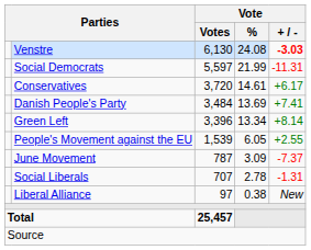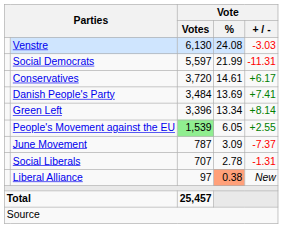 <table class="wikitable" style="text-align:right;">
 <tr>
 <th style="text-align:centre;" rowspan="2" colspan="2" width="225">Parties</th>
 <th colspan="3">Vote</th>
 </tr>
 <tr>
 <th width="15">Votes</th>
 <th width="15">%</th>
 <th width="15">+ / -</th>
 </tr>
 <tr>
 <td width="2" style="color:inherit;background:"></td>
 <td bgcolor=#cfe5fe   align="left"><a href='#'>Venstre</a></td>
 <td bgcolor=#cfe5fe>6,130</td>
 <td bgcolor=#cfe5fe>24.08</td>
-<td style=color:red;><strong>-3.03</strong></td>
+<td style=color:red;>-3.03</td>
 </tr>
 <tr>
 <td width="2" style="color:inherit;background:"></td>
 <td align="left"><a href='#'>Social Democrats</a></td>
 <td>5,597</td>
 <td>21.99</td>
 <td style=color:red;>-11.31</td>
 </tr>
 <tr>
 <td width="2" style="color:inherit;background:"></td>
 <td align="left"><a href='#'>Conservatives</a></td>
 <td>3,720</td>
 <td>14.61</td>
 <td style=color:green;>+6.17</td>
 </tr>
 <tr>
 <td width="2" style="color:inherit;background:"></td>
 <td align="left"><a href='#'>Danish People's Party</a></td>
 <td>3,484</td>
 <td>13.69</td>
 <td style=color:green;>+7.41</td>
 </tr>
 <tr>
 <td width="2" style="color:inherit;background:"></td>
 <td align="left"><a href='#'>Green Left</a></td>
 <td>3,396</td>
 <td>13.34</td>
 <td style=color:green;>+8.14</td>
 </tr>
 <tr>
 <td width="2" style="color:inherit;background:"></td>
 <td align="left"><a href='#'>People's Movement against the EU</a></td>
-<td>1,539</td>
+<td style="background: lightgreen;">1,539</td>
 <td>6.05</td>
 <td style=color:green;>+2.55</td>
 </tr>
 <tr>
 <td width="2" style="color:inherit;background:"></td>
 <td align="left"><a href='#'>June Movement</a></td>
 <td>787</td>
 <td>3.09</td>
 <td style=color:red;>-7.37</td>
 </tr>
 <tr>
 <td width="2" style="color:inherit;background:"></td>
 <td align="left"><a href='#'>Social Liberals</a></td>
 <td>707</td>
 <td>2.78</td>
 <td style=color:red;>-1.31</td>
 </tr>
 <tr>
 <td width="2" style="color:inherit;background:"></td>
 <td align="left"><a href='#'>Liberal Alliance</a></td>
 <td>97</td>
-<td>0.38</td>
+<td style="background: lightsalmon;">0.38</td>
 <td><em>New</em></td>
 </tr>
 <tr>
 <td colspan="7" bgcolor="#E9E9E9"></td>
 </tr>
 <tr>
 <td align="left" colspan="2"><strong>Total</strong></td>
 <td><strong>25,457</strong></td>
 <td bgcolor="#E9E9E9" colspan="2"></td>
 </tr>
 <tr>
 <td align="left" colspan="6">Source</td>
 </tr>
 </table>
